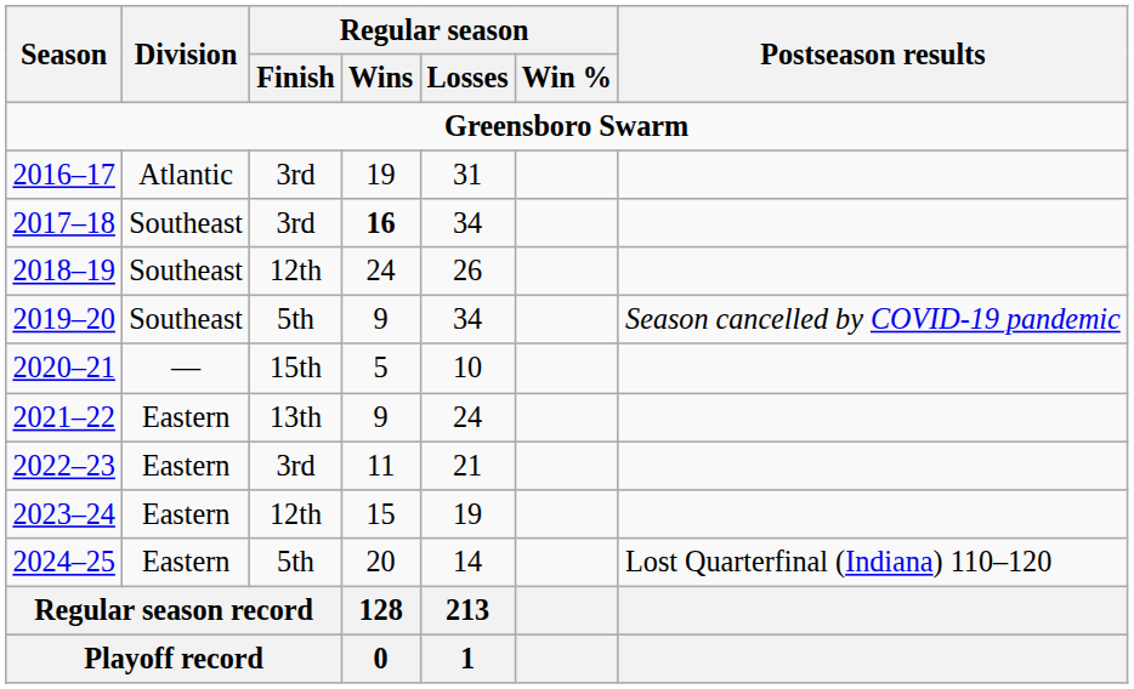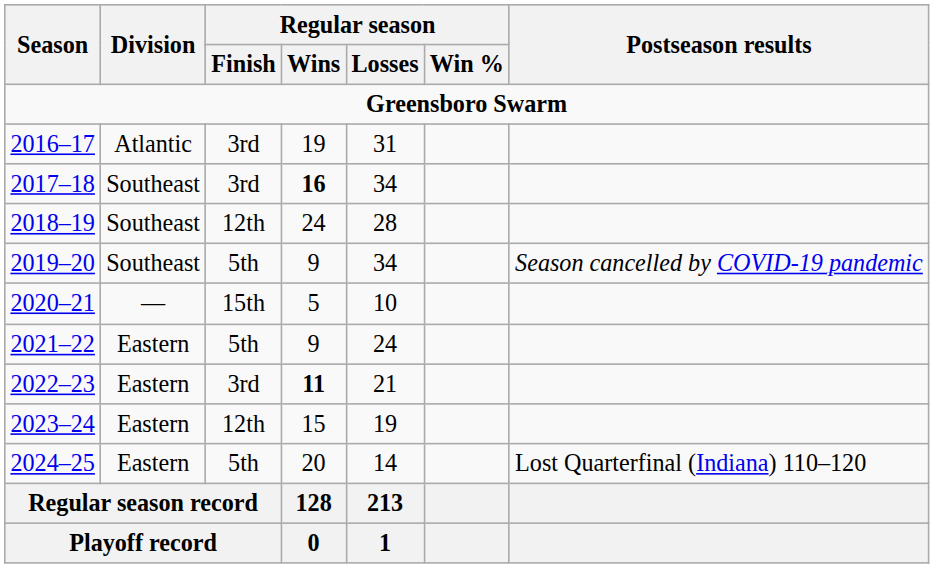 <table class="wikitable" style="font-size:95%; text-align:center">
 <tr>
 <th rowspan=2>Season</th>
 <th rowspan=2>Division</th>
 <th colspan=4>Regular season</th>
 <th rowspan=2>Postseason results</th>
 </tr>
 <tr>
 <th>Finish</th>
 <th>Wins</th>
 <th>Losses</th>
 <th>Win %</th>
 </tr>
 <tr>
 <td colspan=10><strong>Greensboro Swarm</strong></td>
 </tr>
 <tr>
 <td><a href='#'>2016–17</a></td>
 <td>Atlantic</td>
 <td>3rd</td>
 <td>19</td>
 <td>31</td>
 <td></td>
 <td align=left></td>
 </tr>
 <tr>
 <td><a href='#'>2017–18</a></td>
 <td>Southeast</td>
 <td>3rd</td>
 <td><strong>16</strong></td>
 <td>34</td>
 <td></td>
 <td align=left></td>
 </tr>
 <tr>
 <td><a href='#'>2018–19</a></td>
 <td>Southeast</td>
 <td>12th</td>
 <td>24</td>
-<td>26</td>
+<td>28</td>
 <td></td>
 <td align=left></td>
 </tr>
 <tr>
 <td><a href='#'>2019–20</a></td>
 <td>Southeast</td>
 <td>5th</td>
 <td>9</td>
 <td>34</td>
 <td></td>
 <td align=left><em>Season cancelled by <a href='#'>COVID-19 pandemic</a></em></td>
 </tr>
 <tr>
 <td><a href='#'>2020–21</a></td>
 <td>—</td>
 <td>15th</td>
 <td>5</td>
 <td>10</td>
 <td></td>
 <td align=left></td>
 </tr>
 <tr>
 <td><a href='#'>2021–22</a></td>
 <td>Eastern</td>
-<td>13th</td>
+<td>5th</td>
 <td>9</td>
 <td>24</td>
 <td></td>
 <td align=left></td>
 </tr>
 <tr>
 <td><a href='#'>2022–23</a></td>
 <td>Eastern</td>
 <td>3rd</td>
-<td>11</td>
+<td><strong>11</strong></td>
 <td>21</td>
 <td></td>
 <td align=left></td>
 </tr>
 <tr>
 <td><a href='#'>2023–24</a></td>
 <td>Eastern</td>
 <td>12th</td>
 <td>15</td>
 <td>19</td>
 <td></td>
 <td align=left></td>
 </tr>
 <tr>
 <td><a href='#'>2024–25</a></td>
 <td>Eastern</td>
 <td>5th</td>
 <td>20</td>
 <td>14</td>
 <td></td>
 <td align=left>Lost Quarterfinal (<a href='#'>Indiana</a>) 110–120</td>
 </tr>
 <tr>
 <th colspan=3>Regular season record</th>
 <th>128</th>
 <th>213</th>
 <th></th>
 <th colspan=2></th>
 </tr>
 <tr>
 <th colspan=3>Playoff record</th>
 <th>0</th>
 <th>1</th>
 <th></th>
 <th colspan=2></th>
 </tr>
 </table>
